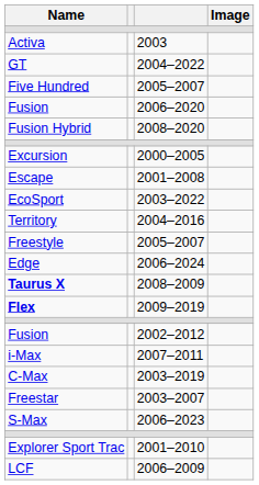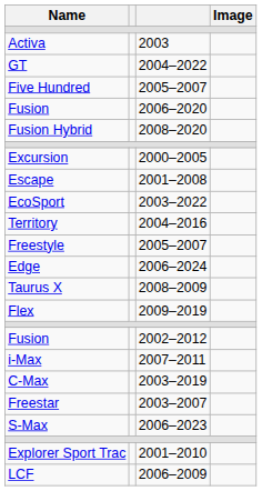 <table class="wikitable sortable">
 <tr>
 <th style="width:px;">Name</th>
 <th style="width:px;"></th>
 <th style="width:px;"></th>
 <th style="width:px;">Image</th>
 </tr>
 <tr>
 <td colspan=6 style=background:#e0e0e0></td>
 </tr>
 <tr>
 <td><a href='#'>Activa</a></td>
 <td></td>
 <td>2003</td>
 <td></td>
 </tr>
 <tr>
 <td><a href='#'>GT</a></td>
 <td></td>
 <td>2004–2022</td>
 <td></td>
 </tr>
 <tr>
 <td><a href='#'>Five Hundred</a></td>
 <td></td>
 <td>2005–2007</td>
 <td></td>
 </tr>
 <tr>
 <td><a href='#'>Fusion</a></td>
 <td></td>
 <td>2006–2020</td>
 <td></td>
 </tr>
 <tr>
 <td><a href='#'>Fusion Hybrid</a></td>
 <td></td>
 <td>2008–2020</td>
 <td></td>
 </tr>
 <tr>
 <td colspan=6 style=background:#e0e0e0></td>
 </tr>
 <tr>
 <td><a href='#'>Excursion</a></td>
 <td></td>
 <td>2000–2005</td>
 <td></td>
 </tr>
 <tr>
 <td><a href='#'>Escape</a></td>
 <td></td>
 <td>2001–2008</td>
 <td></td>
 </tr>
 <tr>
 <td><a href='#'>EcoSport</a></td>
 <td><br></td>
 <td>2003–2022</td>
 <td></td>
 </tr>
 <tr>
 <td><a href='#'>Territory</a></td>
 <td></td>
 <td>2004–2016</td>
 <td></td>
 </tr>
 <tr>
 <td><a href='#'>Freestyle</a></td>
 <td></td>
 <td>2005–2007</td>
 <td></td>
 </tr>
 <tr>
 <td><a href='#'>Edge</a></td>
 <td></td>
 <td>2006–2024</td>
 <td></td>
 </tr>
 <tr>
-<td><strong><a href='#'>Taurus X</a></strong></td>
+<td><a href='#'>Taurus X</a></td>
 <td></td>
 <td>2008–2009</td>
 <td></td>
 </tr>
 <tr>
-<td><strong><a href='#'>Flex</a></strong></td>
+<td><a href='#'>Flex</a></td>
 <td></td>
 <td>2009–2019</td>
 <td></td>
 </tr>
 <tr>
 <td colspan=6 style=background:#e0e0e0></td>
 </tr>
 <tr>
 <td><a href='#'>Fusion</a></td>
 <td></td>
 <td>2002–2012</td>
 <td></td>
 </tr>
 <tr>
 <td><a href='#'>i-Max</a></td>
 <td></td>
 <td>2007–2011</td>
 <td></td>
 </tr>
 <tr>
 <td><a href='#'>C-Max</a></td>
 <td></td>
 <td>2003–2019</td>
 <td></td>
 </tr>
 <tr>
 <td><a href='#'>Freestar</a></td>
 <td></td>
 <td>2003–2007</td>
 <td></td>
 </tr>
 <tr>
 <td><a href='#'>S-Max</a></td>
 <td></td>
 <td>2006–2023</td>
 <td></td>
 </tr>
 <tr>
 <td colspan=6 style=background:#e0e0e0></td>
 </tr>
 <tr>
 <td><a href='#'>Explorer Sport Trac</a></td>
 <td></td>
 <td>2001–2010</td>
 <td></td>
 </tr>
 <tr>
 <td><a href='#'>LCF</a></td>
 <td></td>
 <td>2006–2009</td>
 <td></td>
 </tr>
 </table>
